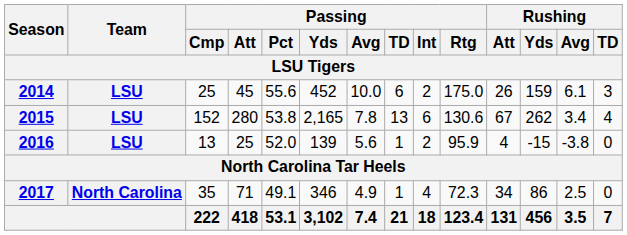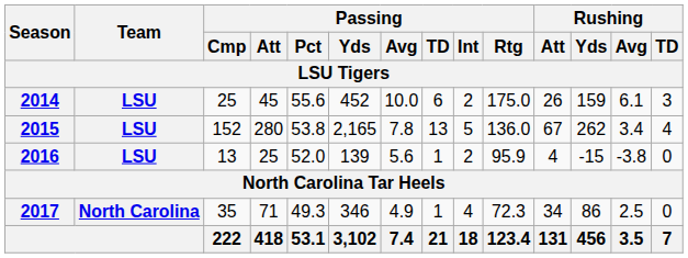 <table class="wikitable" style="text-align:center;">
 <tr>
 <th rowspan="2">Season</th>
 <th rowspan="2">Team</th>
 <th colspan="8">Passing</th>
 <th colspan="4">Rushing</th>
 </tr>
 <tr>
 <th>Cmp</th>
 <th>Att</th>
 <th>Pct</th>
 <th>Yds</th>
 <th>Avg</th>
 <th>TD</th>
 <th>Int</th>
 <th>Rtg</th>
 <th>Att</th>
 <th>Yds</th>
 <th>Avg</th>
 <th>TD</th>
 </tr>
 <tr>
 <th colspan="16">LSU Tigers</th>
 </tr>
 <tr>
 <th><a href='#'>2014</a></th>
 <th><a href='#'>LSU</a></th>
 <td>25</td>
 <td>45</td>
 <td>55.6</td>
 <td>452</td>
 <td>10.0</td>
 <td>6</td>
 <td>2</td>
 <td>175.0</td>
 <td>26</td>
 <td>159</td>
 <td>6.1</td>
 <td>3</td>
 </tr>
 <tr>
 <th><a href='#'>2015</a></th>
 <th><a href='#'>LSU</a></th>
 <td>152</td>
 <td>280</td>
 <td>53.8</td>
 <td>2,165</td>
 <td>7.8</td>
 <td>13</td>
-<td>6</td>
-<td>130.6</td>
+<td>5</td>
+<td>136.0</td>
 <td>67</td>
 <td>262</td>
 <td>3.4</td>
 <td>4</td>
 </tr>
 <tr>
 <th><a href='#'>2016</a></th>
 <th><a href='#'>LSU</a></th>
 <td>13</td>
 <td>25</td>
 <td>52.0</td>
 <td>139</td>
 <td>5.6</td>
 <td>1</td>
 <td>2</td>
 <td>95.9</td>
 <td>4</td>
 <td>-15</td>
 <td>-3.8</td>
 <td>0</td>
 </tr>
 <tr>
 <th colspan="16">North Carolina Tar Heels</th>
 </tr>
 <tr>
 <th><a href='#'>2017</a></th>
 <th><a href='#'>North Carolina</a></th>
 <td>35</td>
 <td>71</td>
-<td>49.1</td>
+<td>49.3</td>
 <td>346</td>
 <td>4.9</td>
 <td>1</td>
 <td>4</td>
 <td>72.3</td>
 <td>34</td>
 <td>86</td>
 <td>2.5</td>
 <td>0</td>
 </tr>
 <tr>
 <th colspan="2"></th>
 <th>222</th>
 <th>418</th>
 <th>53.1</th>
 <th>3,102</th>
 <th>7.4</th>
 <th>21</th>
 <th>18</th>
 <th>123.4</th>
 <th>131</th>
 <th>456</th>
 <th>3.5</th>
 <th>7</th>
 </tr>
 </table>
